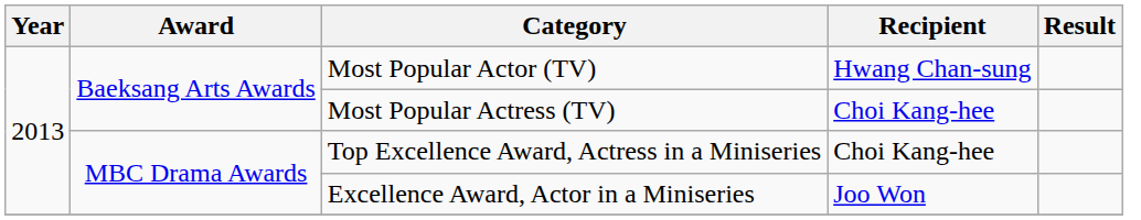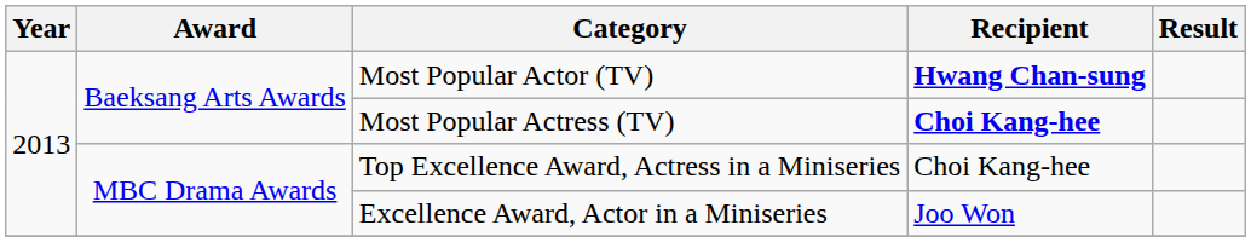 <table class="wikitable">
 <tr>
 <th>Year</th>
 <th>Award</th>
 <th>Category</th>
 <th>Recipient</th>
 <th>Result</th>
 </tr>
 <tr>
 <td rowspan="4" style="text-align:center;">2013</td>
 <td rowspan="2" style="text-align:center;"><a href='#'>Baeksang Arts Awards</a></td>
 <td>Most Popular Actor (TV)</td>
-<td><a href='#'>Hwang Chan-sung</a></td>
+<td><strong><a href='#'>Hwang Chan-sung</a></strong></td>
 <td></td>
 </tr>
 <tr>
 <td>Most Popular Actress (TV)</td>
-<td><a href='#'>Choi Kang-hee</a></td>
+<td><strong><a href='#'>Choi Kang-hee</a></strong></td>
 <td></td>
 </tr>
 <tr>
 <td rowspan="2" style="text-align:center;"><a href='#'>MBC Drama Awards</a></td>
 <td>Top Excellence Award, Actress in a Miniseries</td>
 <td>Choi Kang-hee</td>
 <td></td>
 </tr>
 <tr>
 <td>Excellence Award, Actor in a Miniseries</td>
 <td><a href='#'>Joo Won</a></td>
 <td></td>
 </tr>
 <tr>
 </tr>
 </table>
